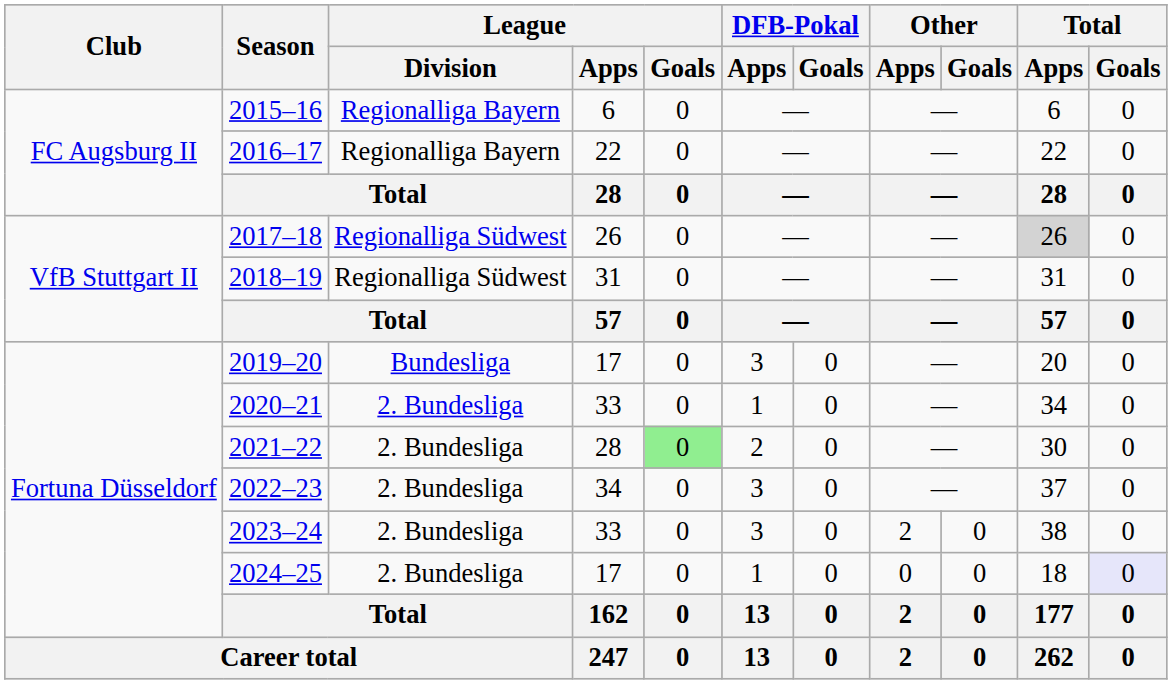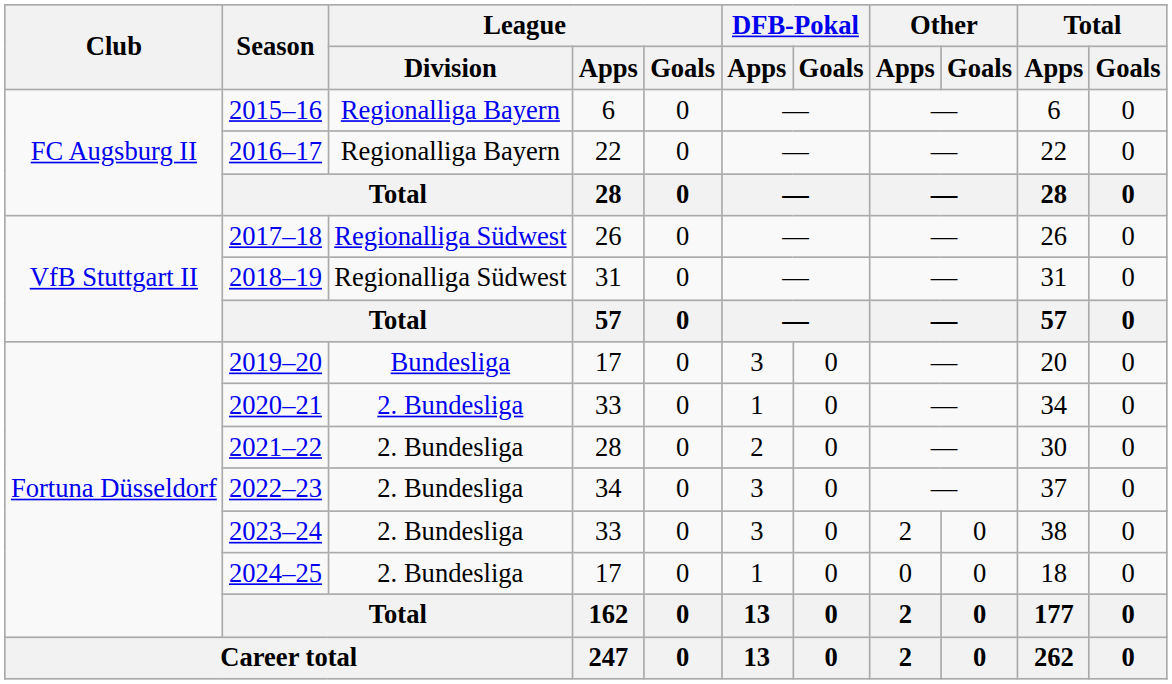 <table class="wikitable" style="text-align:center">
 <tr>
 <th rowspan="2">Club</th>
 <th rowspan="2">Season</th>
 <th colspan="3">League</th>
 <th colspan="2"><a href='#'>DFB-Pokal</a></th>
 <th colspan="2">Other</th>
 <th colspan="2">Total</th>
 </tr>
 <tr>
 <th>Division</th>
 <th>Apps</th>
 <th>Goals</th>
 <th>Apps</th>
 <th>Goals</th>
 <th>Apps</th>
 <th>Goals</th>
 <th>Apps</th>
 <th>Goals</th>
 </tr>
 <tr>
 <td rowspan="3"><a href='#'>FC Augsburg II</a></td>
 <td><a href='#'>2015–16</a></td>
 <td><a href='#'>Regionalliga Bayern</a></td>
 <td>6</td>
 <td>0</td>
 <td colspan="2">—</td>
 <td colspan="2">—</td>
 <td>6</td>
 <td>0</td>
 </tr>
 <tr>
 <td><a href='#'>2016–17</a></td>
 <td>Regionalliga Bayern</td>
 <td>22</td>
 <td>0</td>
 <td colspan="2">—</td>
 <td colspan="2">—</td>
 <td>22</td>
 <td>0</td>
 </tr>
 <tr>
 <th colspan="2">Total</th>
 <th>28</th>
 <th>0</th>
 <th colspan="2">—</th>
 <th colspan="2">—</th>
 <th>28</th>
 <th>0</th>
 </tr>
 <tr>
 <td rowspan="3"><a href='#'>VfB Stuttgart II</a></td>
 <td><a href='#'>2017–18</a></td>
 <td><a href='#'>Regionalliga Südwest</a></td>
 <td>26</td>
 <td>0</td>
 <td colspan="2">—</td>
 <td colspan="2">—</td>
-<td style="background: lightgrey;">26</td>
+<td>26</td>
 <td>0</td>
 </tr>
 <tr>
 <td><a href='#'>2018–19</a></td>
 <td>Regionalliga Südwest</td>
 <td>31</td>
 <td>0</td>
 <td colspan="2">—</td>
 <td colspan="2">—</td>
 <td>31</td>
 <td>0</td>
 </tr>
 <tr>
 <th colspan="2">Total</th>
 <th>57</th>
 <th>0</th>
 <th colspan="2">—</th>
 <th colspan="2">—</th>
 <th>57</th>
 <th>0</th>
 </tr>
 <tr>
 <td rowspan="7"><a href='#'>Fortuna Düsseldorf</a></td>
 <td><a href='#'>2019–20</a></td>
 <td><a href='#'>Bundesliga</a></td>
 <td>17</td>
 <td>0</td>
 <td>3</td>
 <td>0</td>
 <td colspan="2">—</td>
 <td>20</td>
 <td>0</td>
 </tr>
 <tr>
 <td><a href='#'>2020–21</a></td>
 <td><a href='#'>2. Bundesliga</a></td>
 <td>33</td>
 <td>0</td>
 <td>1</td>
 <td>0</td>
 <td colspan="2">—</td>
 <td>34</td>
 <td>0</td>
 </tr>
 <tr>
 <td><a href='#'>2021–22</a></td>
 <td>2. Bundesliga</td>
 <td>28</td>
-<td style="background: lightgreen;">0</td>
+<td>0</td>
 <td>2</td>
 <td>0</td>
 <td colspan="2">—</td>
 <td>30</td>
 <td>0</td>
 </tr>
 <tr>
 <td><a href='#'>2022–23</a></td>
 <td>2. Bundesliga</td>
 <td>34</td>
 <td>0</td>
 <td>3</td>
 <td>0</td>
 <td colspan="2">—</td>
 <td>37</td>
 <td>0</td>
 </tr>
 <tr>
 <td><a href='#'>2023–24</a></td>
 <td>2. Bundesliga</td>
 <td>33</td>
 <td>0</td>
 <td>3</td>
 <td>0</td>
 <td>2</td>
 <td>0</td>
 <td>38</td>
 <td>0</td>
 </tr>
 <tr>
 <td><a href='#'>2024–25</a></td>
 <td>2. Bundesliga</td>
 <td>17</td>
 <td>0</td>
 <td>1</td>
 <td>0</td>
 <td>0</td>
 <td>0</td>
 <td>18</td>
-<td style="background: lavender;">0</td>
+<td>0</td>
 </tr>
 <tr>
 <th colspan="2">Total</th>
 <th>162</th>
 <th>0</th>
 <th>13</th>
 <th>0</th>
 <th>2</th>
 <th>0</th>
 <th>177</th>
 <th>0</th>
 </tr>
 <tr>
 <th colspan="3">Career total</th>
 <th>247</th>
 <th>0</th>
 <th>13</th>
 <th>0</th>
 <th>2</th>
 <th>0</th>
 <th>262</th>
 <th>0</th>
 </tr>
 </table>
